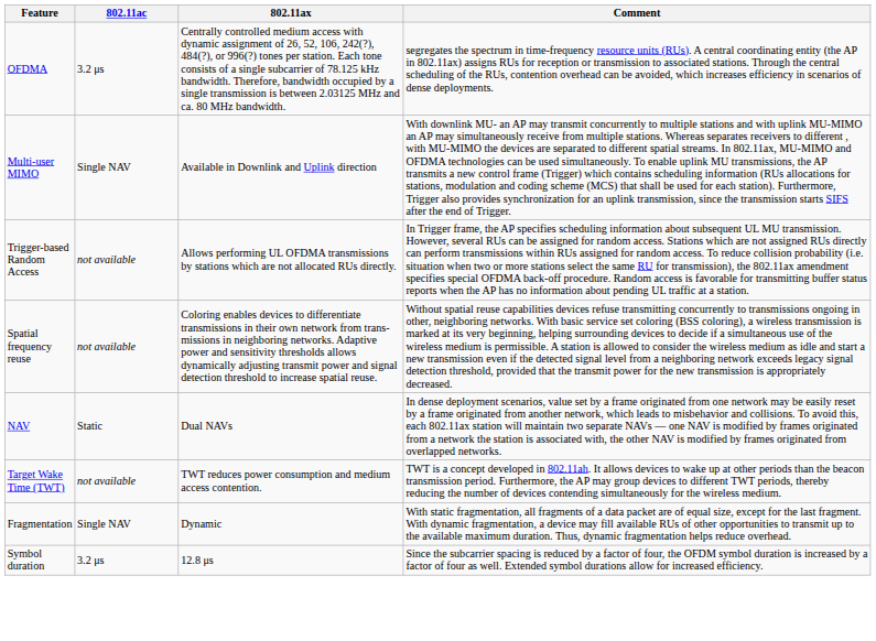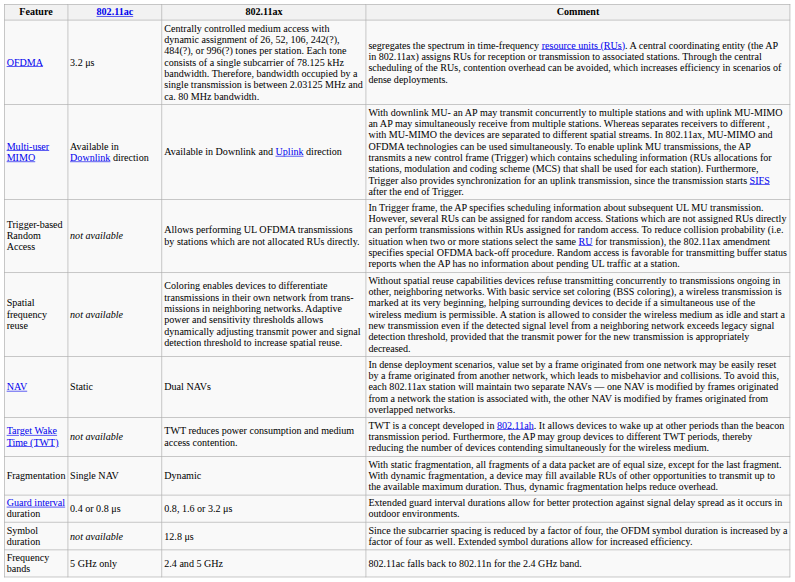 <table class="wikitable sticky-header">
 <tr>
 <th width="8%">Feature</th>
 <th width="12%"><a href='#'>802.11ac</a></th>
 <th width="26%">802.11ax</th>
 <th width="64%">Comment</th>
 </tr>
 <tr>
 <td><a href='#'>OFDMA</a></td>
 <td>3.2 μs</td>
 <td>Centrally controlled medium access with dynamic assign­ment of 26, 52, 106, 242(?), 484(?), or 996(?) tones per station. Each tone consists of a single subcarrier of 78.125 kHz bandwidth. Therefore, bandwidth occupied by a single  transmission is between 2.03125 MHz and ca. 80 MHz bandwidth.</td>
 <td> segregates the spectrum in time-frequency <a href='#'>resource units (RUs)</a>. A central coordinating entity (the AP in 802.11ax) assigns RUs for reception or transmission to associated stations. Through the central scheduling of the RUs, contention overhead can be avoided, which increases efficiency in scenarios of dense deployments.</td>
 </tr>
 <tr>
 <td><a href='#'>Multi-user MIMO </a></td>
-<td>Single NAV</td>
+<td>Available in <a href='#'>Downlink</a> direction</td>
 <td>Available in Downlink and <a href='#'>Uplink</a> direction</td>
 <td>With downlink MU- an AP may transmit concurrently to multiple stations and with uplink MU-MIMO an AP may simultaneously receive from multiple stations. Whereas  separates receivers to different , with MU-MIMO the devices are separated to different spatial streams. In 802.11ax, MU-MIMO and OFDMA technologies can be used simultaneously. To enable uplink MU transmissions, the AP transmits a new control frame (Trigger) which contains scheduling information (RUs allocations for stations, modulation and coding scheme (MCS) that shall be used for each station). Furthermore, Trigger also provides synchronization for an uplink transmission, since the transmission starts <a href='#'>SIFS</a> after the end of Trigger.</td>
 </tr>
 <tr>
 <td>Trigger-based Random Access</td>
 <td><em>not available</em></td>
 <td>Allows performing UL OFDMA transmissions by stations which are not allocated RUs directly.</td>
 <td>In Trigger frame, the AP specifies scheduling information about subsequent UL MU transmission. However, several RUs can be assigned for random access. Stations which are not assigned RUs directly can perform transmissions within RUs assigned for random access. To reduce collision probability (i.e. situation when two or more stations select the same <a href='#'>RU</a> for transmission), the 802.11ax amendment specifies special OFDMA back-off procedure. Random access is favorable for transmitting buffer status reports when the AP has no information about pending UL traffic at a station.</td>
 </tr>
 <tr>
 <td>Spatial frequency reuse</td>
 <td><em>not available</em></td>
 <td>Coloring enables devices to differentiate transmissions in their own network from trans­missions in neighboring net­works. Adaptive power and sensitivity thresholds allows dynamically adjusting transmit power and signal detection threshold to increase spatial reuse.</td>
 <td>Without spatial reuse capabilities devices refuse transmitting concurrently to transmissions ongoing in other, neighboring networks. With basic service set coloring (BSS coloring), a wireless transmission is marked at its very beginning, helping surrounding devices to decide if a simultaneous use of the wireless medium is permissible. A station is allowed to consider the wireless medium as idle and start a new transmission even if the detected signal level from a neighboring network exceeds legacy signal detection threshold, provided that the transmit power for the new transmission is appropriately decreased.</td>
 </tr>
 <tr>
 <td><a href='#'>NAV</a></td>
 <td>Static</td>
 <td>Dual NAVs</td>
 <td>In dense deployment scenarios,  value set by a frame originated from one network may be easily reset by a frame originated from another network, which leads to misbehavior and collisions. To avoid this, each 802.11ax station will maintain two separate NAVs — one NAV is modified by frames originated from a network the station is associated with, the other NAV is modified by frames originated from overlapped networks.</td>
 </tr>
 <tr>
 <td><a href='#'>Target Wake Time (TWT)</a></td>
 <td><em>not available</em></td>
 <td>TWT reduces power consumption and medium access contention.</td>
 <td>TWT is a concept developed in <a href='#'>802.11ah</a>. It allows devices to wake up at other periods than the beacon transmission period. Furthermore, the AP may group devices to different TWT periods, thereby reducing the number of devices contending simultaneously for the wireless medium.</td>
 </tr>
 <tr>
 <td>Fragmentation</td>
 <td>Single NAV</td>
 <td>Dynamic</td>
 <td>With static fragmentation, all fragments of a data packet are of equal size, except for the last fragment. With dynamic fragmentation, a device may fill available RUs of other opportunities to transmit up to the available maximum duration. Thus, dynamic fragmentation helps reduce overhead.</td>
 </tr>
 <tr>
+<td><a href='#'>Guard interval</a> duration</td>
+<td>0.4 or 0.8 μs</td>
+<td>0.8, 1.6 or 3.2 μs</td>
+<td>Extended guard interval durations allow for better protection against signal delay spread as it occurs in outdoor environments.</td>
+</tr>
+<tr>
 <td>Symbol duration</td>
-<td>3.2 μs</td>
+<td><em>not available</em></td>
 <td>12.8 μs</td>
 <td>Since the subcarrier spacing is reduced by a factor of four, the OFDM symbol duration is increased by a factor of four as well. Extended symbol durations allow for increased efficiency.</td>
 </tr>
+<tr>
+<td>Frequency bands</td>
+<td>5 GHz only</td>
+<td>2.4 and 5 GHz</td>
+<td>802.11ac falls back to 802.11n for the 2.4 GHz band.</td>
+</tr>
 </table>
